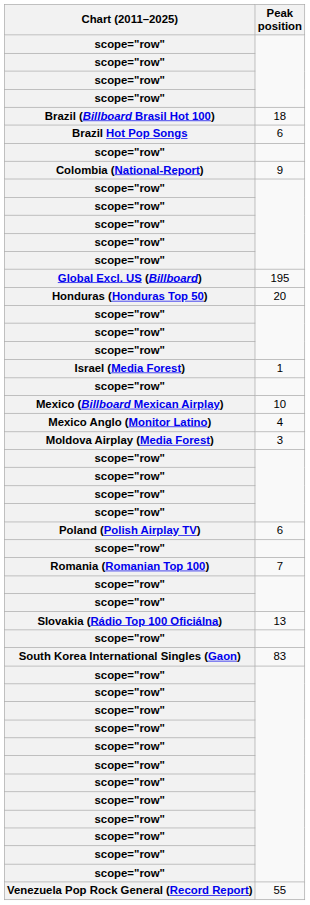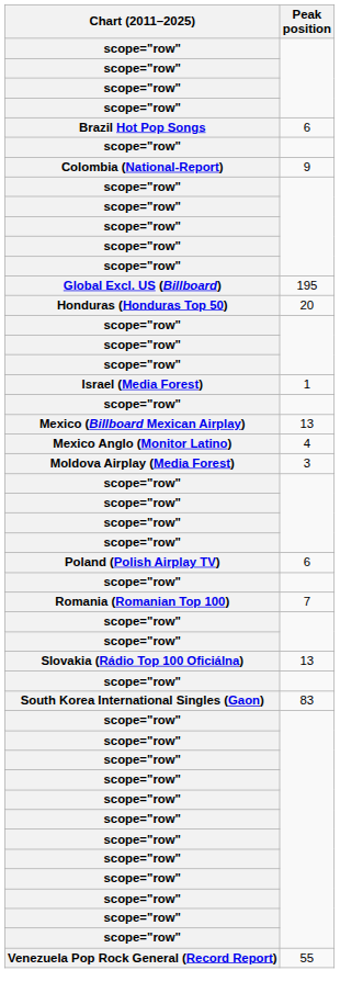 <table class="wikitable sortable plainrowheaders" style="text-align:center">
 <tr>
 <th scope="col">Chart (2011–2025)</th>
 <th scope="col">Peak<br>position</th>
 </tr>
 <tr>
 <th>scope="row"</th>
 </tr>
 <tr>
 <th>scope="row"</th>
 </tr>
 <tr>
 <th>scope="row"</th>
 </tr>
 <tr>
 <th>scope="row"</th>
-</tr>
-<tr>
-<th scope="row">Brazil (<a href='#'><em>Billboard</em> Brasil Hot 100</a>)</th>
-<td>18</td>
 </tr>
 <tr>
 <th scope="row">Brazil <a href='#'>Hot Pop Songs</a></th>
 <td>6</td>
 </tr>
 <tr>
 <th>scope="row"</th>
 </tr>
 <tr>
 <th scope="row">Colombia (<a href='#'>National-Report</a>)</th>
 <td>9</td>
 </tr>
 <tr>
 <th>scope="row"</th>
 </tr>
 <tr>
 <th>scope="row"</th>
 </tr>
 <tr>
 <th>scope="row"</th>
 </tr>
 <tr>
 <th>scope="row"</th>
 </tr>
 <tr>
 <th>scope="row"</th>
 </tr>
 <tr>
 <th scope="row"><a href='#'>Global Excl. US</a> (<em><a href='#'>Billboard</a></em>)</th>
 <td>195</td>
 </tr>
 <tr>
 <th scope="row">Honduras (<a href='#'>Honduras Top 50</a>)</th>
 <td>20</td>
 </tr>
 <tr>
 <th>scope="row"</th>
 </tr>
 <tr>
 <th>scope="row"</th>
 </tr>
 <tr>
 <th>scope="row"</th>
 </tr>
 <tr>
 <th scope="row">Israel (<a href='#'>Media Forest</a>)</th>
 <td>1</td>
 </tr>
 <tr>
 <th>scope="row"</th>
 </tr>
 <tr>
 <th scope="row">Mexico (<a href='#'><em>Billboard</em> Mexican Airplay</a>)</th>
-<td>10</td>
+<td>13</td>
 </tr>
 <tr>
 <th scope="row">Mexico Anglo (<a href='#'>Monitor Latino</a>)</th>
 <td>4</td>
 </tr>
 <tr>
 <th scope="row">Moldova Airplay (<a href='#'>Media Forest</a>)</th>
 <td>3</td>
 </tr>
 <tr>
 <th>scope="row"</th>
 </tr>
 <tr>
 <th>scope="row"</th>
 </tr>
 <tr>
 <th>scope="row"</th>
 </tr>
 <tr>
 <th>scope="row"</th>
 </tr>
 <tr>
 <th scope="row">Poland (<a href='#'>Polish Airplay TV</a>)</th>
 <td>6</td>
 </tr>
 <tr>
 <th>scope="row"</th>
 </tr>
 <tr>
 <th scope="row">Romania (<a href='#'>Romanian Top 100</a>)</th>
 <td>7</td>
 </tr>
 <tr>
 <th>scope="row"</th>
 </tr>
 <tr>
 <th>scope="row"</th>
 </tr>
 <tr>
 <th scope="row">Slovakia (<a href='#'>Rádio Top 100 Oficiálna</a>)</th>
 <td>13</td>
 </tr>
 <tr>
 <th>scope="row"</th>
 </tr>
 <tr>
 <th scope="row">South Korea International Singles (<a href='#'>Gaon</a>)</th>
 <td>83</td>
 </tr>
 <tr>
 <th>scope="row"</th>
 </tr>
 <tr>
 <th>scope="row"</th>
 </tr>
 <tr>
 <th>scope="row"</th>
 </tr>
 <tr>
 <th>scope="row"</th>
 </tr>
 <tr>
 <th>scope="row"</th>
 </tr>
 <tr>
 <th>scope="row"</th>
 </tr>
 <tr>
 <th>scope="row"</th>
 </tr>
 <tr>
 <th>scope="row"</th>
 </tr>
 <tr>
 <th>scope="row"</th>
 </tr>
 <tr>
 <th>scope="row"</th>
 </tr>
 <tr>
 <th>scope="row"</th>
 </tr>
 <tr>
 <th>scope="row"</th>
 </tr>
 <tr>
 <th scope="row">Venezuela Pop Rock General (<a href='#'>Record Report</a>)</th>
 <td>55</td>
 </tr>
 </table>
